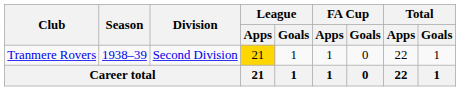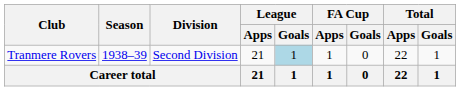 <table class="wikitable" style="text-align:center;">
 <tr>
 <th rowspan="2">Club</th>
 <th rowspan="2">Season</th>
 <th rowspan="2">Division</th>
 <th colspan="2">League</th>
 <th colspan="2">FA Cup</th>
 <th colspan="2">Total</th>
 </tr>
 <tr>
 <th>Apps</th>
 <th>Goals</th>
 <th>Apps</th>
 <th>Goals</th>
 <th>Apps</th>
 <th>Goals</th>
 </tr>
 <tr>
 <td><a href='#'>Tranmere Rovers</a></td>
 <td><a href='#'>1938–39</a></td>
 <td><a href='#'>Second Division</a></td>
-<td style="background: gold;">21</td>
-<td>1</td>
+<td>21</td>
+<td style="background: lightblue;">1</td>
 <td>1</td>
 <td>0</td>
 <td>22</td>
 <td>1</td>
 </tr>
 <tr>
 <th colspan="3">Career total</th>
 <th>21</th>
 <th>1</th>
 <th>1</th>
 <th>0</th>
 <th>22</th>
 <th>1</th>
 </tr>
 </table>
